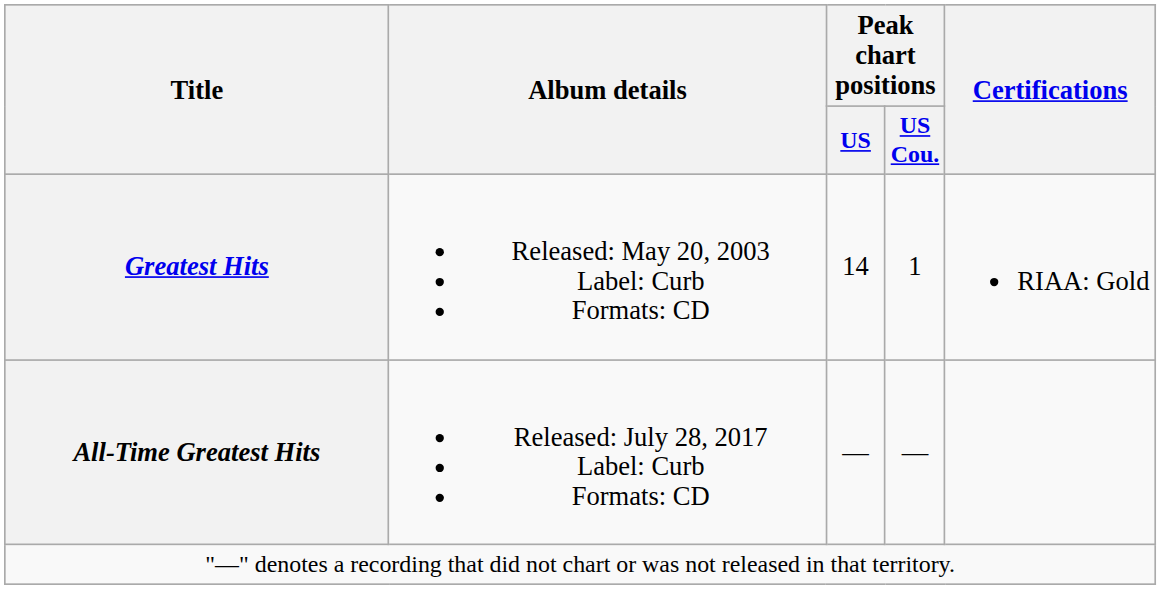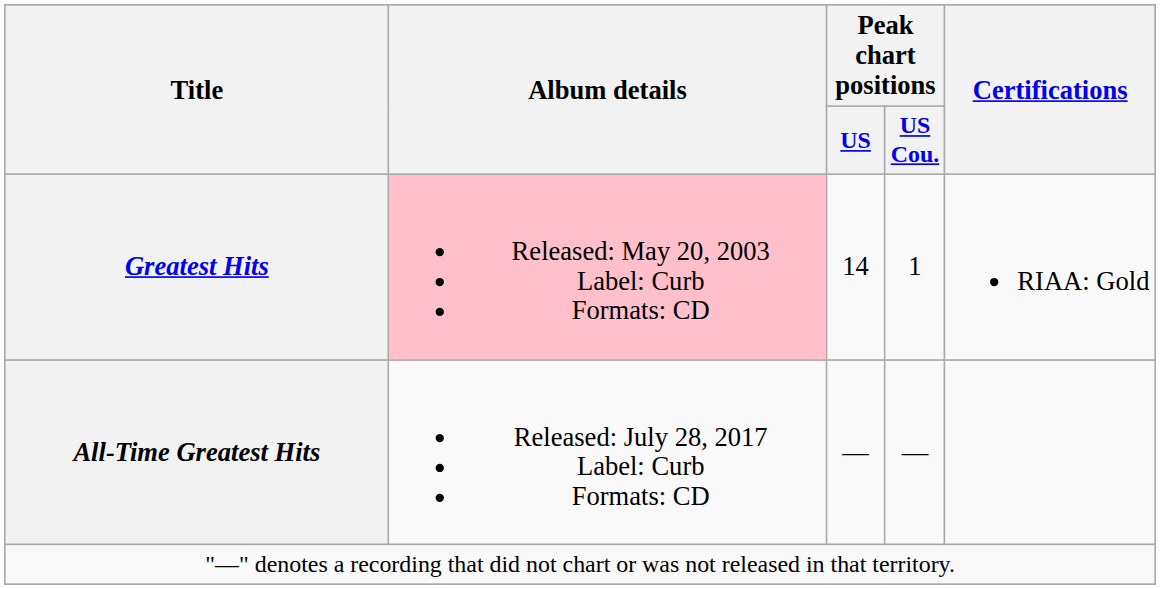 <table class="wikitable plainrowheaders" style="text-align:center;" border="1">
 <tr>
 <th scope="col" rowspan="2" style="width:14em;">Title</th>
 <th scope="col" rowspan="2" style="width:16em;">Album details</th>
 <th scope="col" colspan="2">Peak chart<br>positions</th>
 <th scope="col" rowspan="2"><a href='#'>Certifications</a></th>
 </tr>
 <tr>
 <th scope="col" style="width:2em;font-size:90%;"><a href='#'>US</a><br></th>
 <th scope="col" style="width:2em;font-size:90%;"><a href='#'>US<br>Cou.</a><br></th>
 </tr>
 <tr>
 <th scope="row"><em><a href='#'>Greatest Hits</a></em></th>
-<td><br><ul><li>Released: May 20, 2003</li><li>Label: Curb</li><li>Formats: CD</li></ul></td>
+<td style="background: pink;"><br><ul><li>Released: May 20, 2003</li><li>Label: Curb</li><li>Formats: CD</li></ul></td>
 <td>14</td>
 <td>1</td>
 <td><br><ul><li>RIAA: Gold</li></ul></td>
 </tr>
 <tr>
 <th scope="row"><em>All-Time Greatest Hits</em></th>
 <td><br><ul><li>Released: July 28, 2017</li><li>Label: Curb</li><li>Formats: CD</li></ul></td>
 <td>—</td>
 <td>—</td>
 <td></td>
 </tr>
 <tr>
 <td colspan="5" style="font-size:90%">"—" denotes a recording that did not chart or was not released in that territory.</td>
 </tr>
 </table>
